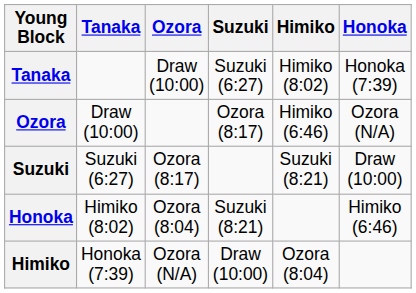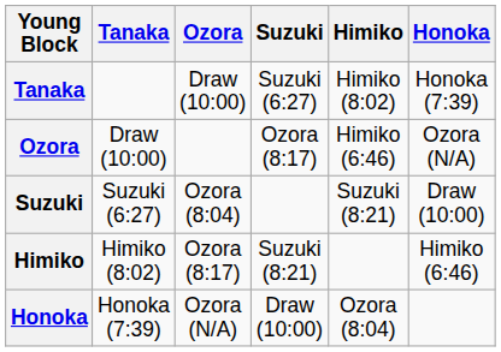 <table class="wikitable" style="text-align:center; margin: 1em auto 1em auto;" width="25%">
 <tr>
 <th>Young Block</th>
 <th><a href='#'>Tanaka</a></th>
 <th><a href='#'>Ozora</a></th>
 <th>Suzuki</th>
 <th>Himiko</th>
 <th><a href='#'>Honoka</a></th>
 </tr>
 <tr>
 <th><a href='#'>Tanaka</a></th>
 <td></td>
 <td>Draw<br>(10:00)</td>
 <td>Suzuki<br>(6:27)</td>
 <td>Himiko<br>(8:02)</td>
 <td>Honoka<br>(7:39)</td>
 </tr>
 <tr>
 <th><a href='#'>Ozora</a></th>
 <td>Draw<br>(10:00)</td>
 <td></td>
 <td>Ozora<br>(8:17)</td>
 <td>Himiko<br>(6:46)</td>
 <td>Ozora<br>(N/A)</td>
 </tr>
 <tr>
 <th>Suzuki</th>
 <td>Suzuki<br>(6:27)</td>
-<td>Ozora<br>(8:17)</td>
+<td>Ozora<br>(8:04)</td>
 <td></td>
 <td>Suzuki<br>(8:21)</td>
 <td>Draw<br>(10:00)</td>
 </tr>
 <tr>
-<th><a href='#'>Honoka</a></th>
+<th>Himiko</th>
 <td>Himiko<br>(8:02)</td>
-<td>Ozora<br>(8:04)</td>
+<td>Ozora<br>(8:17)</td>
 <td>Suzuki<br>(8:21)</td>
 <td></td>
 <td>Himiko<br>(6:46)</td>
 </tr>
 <tr>
-<th>Himiko</th>
+<th><a href='#'>Honoka</a></th>
 <td>Honoka<br>(7:39)</td>
 <td>Ozora<br>(N/A)</td>
 <td>Draw<br>(10:00)</td>
 <td>Ozora<br>(8:04)</td>
 <td></td>
 </tr>
 </table>
